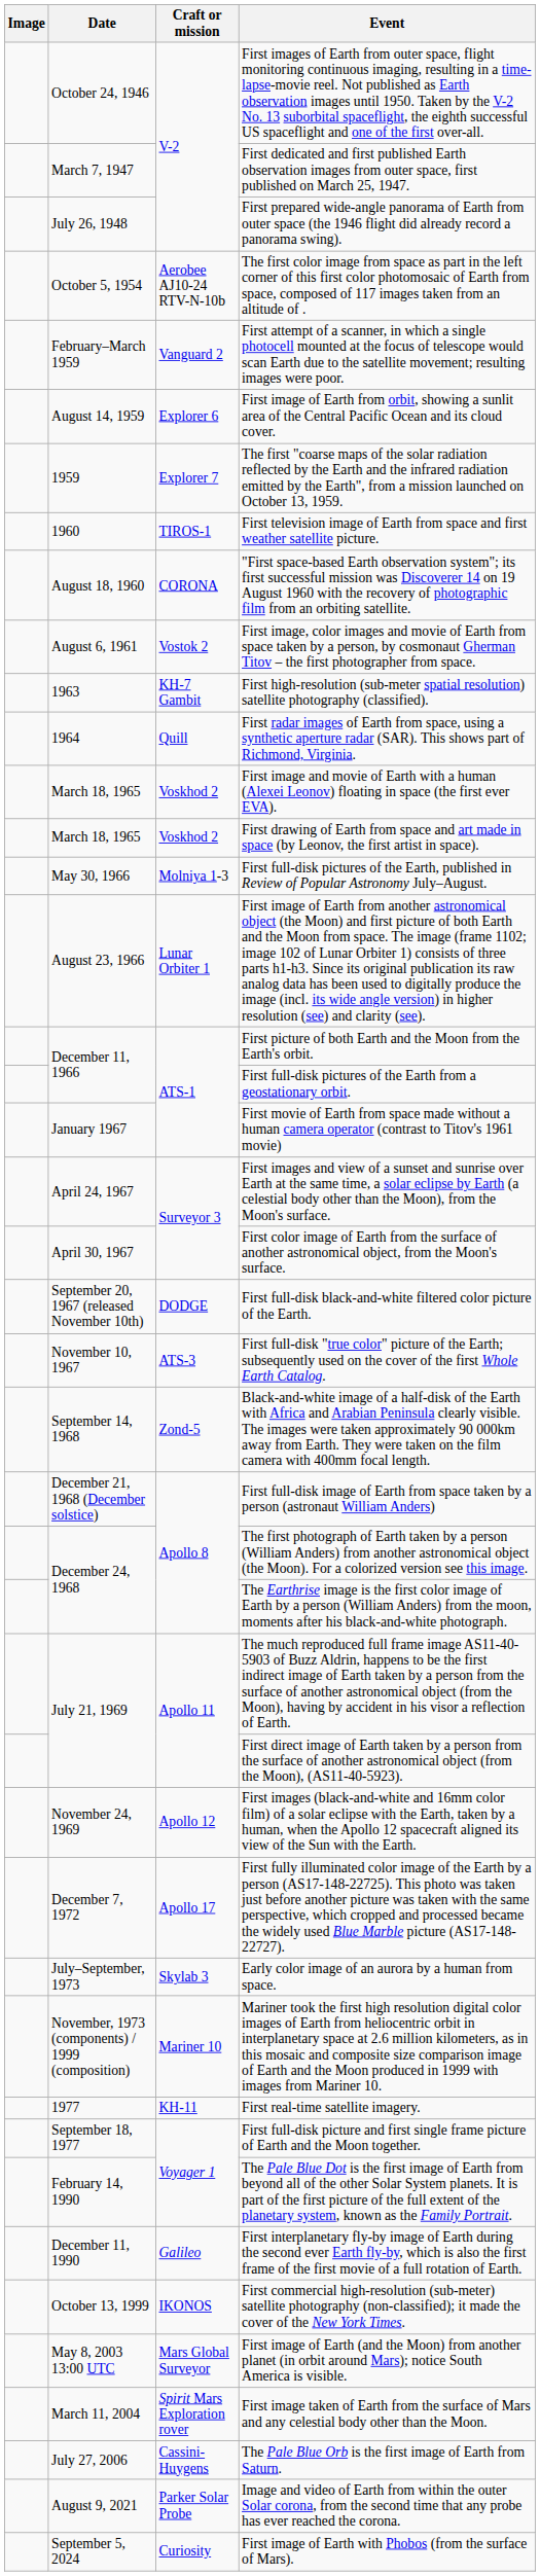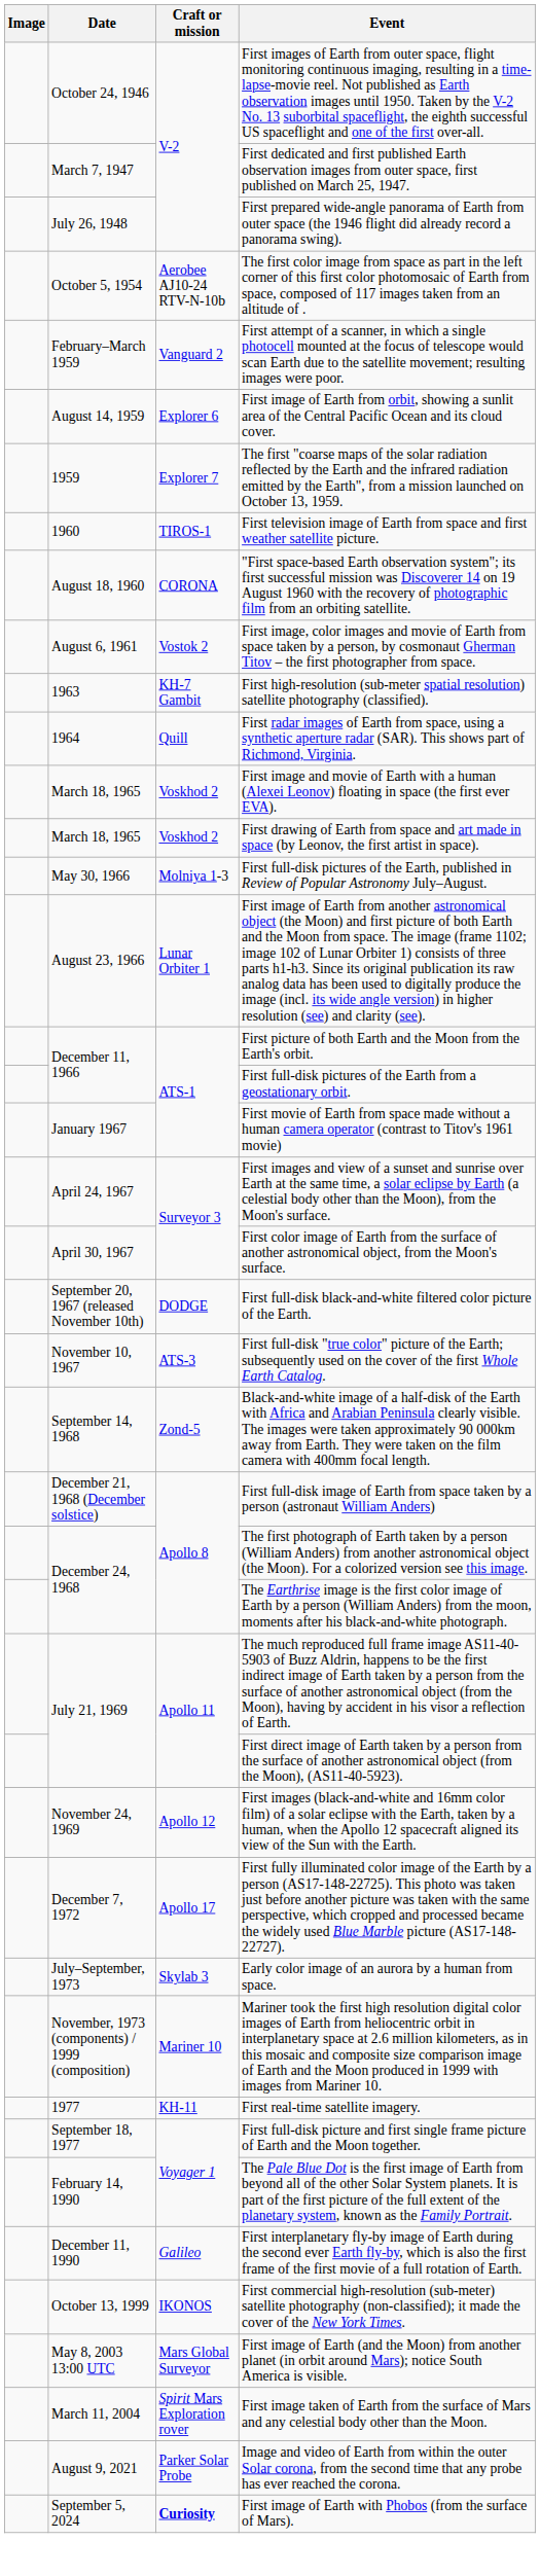 <table class="wikitable sticky-header">
 <tr>
 <th>Image</th>
 <th>Date</th>
 <th>Craft or mission</th>
 <th>Event</th>
 </tr>
 <tr>
 <td><br><br> </td>
 <td>October 24, 1946</td>
 <td rowspan="3"><a href='#'>V-2</a></td>
 <td>First images of Earth from outer space, flight monitoring continuous imaging, resulting in a <a href='#'>time-lapse</a>-movie reel. Not published as <a href='#'>Earth observation</a> images until 1950. Taken by the <a href='#'>V-2 No. 13</a> <a href='#'>suborbital spaceflight</a>, the eighth successful US spaceflight and <a href='#'>one of the first</a> over-all.</td>
 </tr>
 <tr>
 <td></td>
 <td>March 7, 1947</td>
 <td>First dedicated and first published Earth observation images from outer space, first published on March 25, 1947.</td>
 </tr>
 <tr>
 <td></td>
 <td>July 26, 1948</td>
 <td>First prepared wide-angle panorama of Earth from outer space (the 1946 flight did already record a panorama swing).</td>
 </tr>
 <tr>
 <td></td>
 <td>October 5, 1954</td>
 <td><a href='#'>Aerobee</a> AJ10-24<br>RTV-N-10b</td>
 <td>The first color image from space as part in the left corner of this first color photomosaic of Earth from space, composed of 117 images taken from an altitude of .</td>
 </tr>
 <tr>
 <td></td>
 <td>February–March 1959</td>
 <td><a href='#'>Vanguard 2</a></td>
 <td>First attempt of a scanner, in which a single <a href='#'>photocell</a> mounted at the focus of telescope would scan Earth due to the satellite movement; resulting images were poor.</td>
 </tr>
 <tr>
 <td></td>
 <td>August 14, 1959</td>
 <td><a href='#'>Explorer 6</a></td>
 <td>First image of Earth from <a href='#'>orbit</a>, showing a sunlit area of the Central Pacific Ocean and its cloud cover.</td>
 </tr>
 <tr>
 <td></td>
 <td>1959</td>
 <td><a href='#'>Explorer 7</a></td>
 <td>The first "coarse maps of the solar radiation reflected by the Earth and the infrared radiation emitted by the Earth", from a mission launched on October 13, 1959.</td>
 </tr>
 <tr>
 <td></td>
 <td>1960</td>
 <td><a href='#'>TIROS-1</a></td>
 <td>First television image of Earth from space and first <a href='#'>weather satellite</a> picture.</td>
 </tr>
 <tr>
 <td></td>
 <td>August 18, 1960</td>
 <td><a href='#'>CORONA</a></td>
 <td>"First space-based Earth observation system"; its first successful mission was <a href='#'>Discoverer 14</a> on 19 August 1960 with the recovery of <a href='#'>photographic film</a> from an orbiting satellite.</td>
 </tr>
 <tr>
 <td></td>
 <td>August 6, 1961</td>
 <td><a href='#'>Vostok 2</a></td>
 <td>First image, color images and movie of Earth from space taken by a person, by cosmonaut <a href='#'>Gherman Titov</a> – the first photographer from space.</td>
 </tr>
 <tr>
 <td></td>
 <td>1963</td>
 <td><a href='#'>KH-7 Gambit</a></td>
 <td>First high-resolution (sub-meter <a href='#'>spatial resolution</a>) satellite photography (classified).</td>
 </tr>
 <tr>
 <td></td>
 <td>1964</td>
 <td><a href='#'>Quill</a></td>
 <td>First <a href='#'>radar images</a> of Earth from space, using a <a href='#'>synthetic aperture radar</a> (SAR). This shows part of <a href='#'>Richmond, Virginia</a>.</td>
 </tr>
 <tr>
 <td></td>
 <td>March 18, 1965</td>
 <td><a href='#'>Voskhod 2</a></td>
 <td>First image and movie of Earth with a human (<a href='#'>Alexei Leonov</a>) floating in space (the first ever <a href='#'>EVA</a>).</td>
 </tr>
 <tr>
 <td></td>
 <td>March 18, 1965</td>
 <td><a href='#'>Voskhod 2</a></td>
 <td>First drawing of Earth from space and <a href='#'>art made in space</a> (by Leonov, the first artist in space).</td>
 </tr>
 <tr>
 <td></td>
 <td>May 30, 1966</td>
 <td><a href='#'>Molniya 1</a>-3</td>
 <td>First full-disk pictures of the Earth, published in <em>Review of Popular Astronomy</em> July–August.</td>
 </tr>
 <tr>
 <td></td>
 <td>August 23, 1966</td>
 <td><a href='#'>Lunar Orbiter 1</a></td>
 <td>First image of Earth from another <a href='#'>astronomical object</a> (the Moon) and first picture of both Earth and the Moon from space. The image (frame 1102; image 102 of Lunar Orbiter 1) consists of three parts h1-h3. Since its original publication its raw analog data has been used to digitally produce the image (incl. <a href='#'>its wide angle version</a>) in higher resolution (<a href='#'>see</a>) and clarity (<a href='#'>see</a>).</td>
 </tr>
 <tr>
 <td></td>
 <td rowspan="2">December 11, 1966</td>
 <td rowspan="3"><a href='#'>ATS-1</a></td>
 <td>First picture of both Earth and the Moon from the Earth's orbit.</td>
 </tr>
 <tr>
 <td></td>
 <td>First full-disk pictures of the Earth from a <a href='#'>geostationary orbit</a>.</td>
 </tr>
 <tr>
 <td></td>
 <td>January 1967</td>
 <td>First movie of Earth from space made without a human <a href='#'>camera operator</a> (contrast to Titov's 1961 movie)</td>
 </tr>
 <tr>
 <td></td>
 <td>April 24, 1967</td>
 <td rowspan="2"><a href='#'>Surveyor 3</a></td>
 <td>First images and view of a sunset and sunrise over Earth at the same time, a <a href='#'>solar eclipse by Earth</a> (a celestial body other than the Moon), from the Moon's surface.</td>
 </tr>
 <tr>
 <td></td>
 <td>April 30, 1967</td>
 <td>First color image of Earth from the surface of another astronomical object, from the Moon's surface.</td>
 </tr>
 <tr>
 <td></td>
 <td>September 20, 1967 (released November 10th)</td>
 <td><a href='#'>DODGE</a></td>
 <td>First full-disk black-and-white filtered color picture of the Earth.</td>
 </tr>
 <tr>
 <td></td>
 <td>November 10, 1967</td>
 <td><a href='#'>ATS-3</a></td>
 <td>First full-disk "<a href='#'>true color</a>" picture of the Earth; subsequently used on the cover of the first <em><a href='#'>Whole Earth Catalog</a></em>.</td>
 </tr>
 <tr>
 <td></td>
 <td>September 14, 1968</td>
 <td><a href='#'>Zond-5</a></td>
 <td>Black-and-white image of a half-disk of the Earth with <a href='#'>Africa</a> and <a href='#'>Arabian Peninsula</a> clearly visible. The images were taken approximately 90 000km away from Earth. They were taken on the film camera with 400mm focal length.</td>
 </tr>
 <tr>
 <td></td>
 <td>December 21, 1968 (<a href='#'>December solstice</a>)</td>
 <td rowspan="3"><a href='#'>Apollo 8</a></td>
 <td>First full-disk image of Earth from space taken by a person (astronaut <a href='#'>William Anders</a>)</td>
 </tr>
 <tr>
 <td></td>
 <td rowspan="2">December 24, 1968</td>
 <td>The first photograph of Earth taken by a person (William Anders) from another astronomical object (the Moon).  For a colorized version see <a href='#'>this image</a>.</td>
 </tr>
 <tr>
 <td></td>
 <td>The <em><a href='#'>Earthrise</a></em> image is the first color image of Earth by a person (William Anders) from the moon, moments after his black-and-white photograph.</td>
 </tr>
 <tr>
 <td></td>
 <td rowspan="2">July 21, 1969</td>
 <td rowspan="2"><a href='#'>Apollo 11</a></td>
 <td>The much reproduced full frame image AS11-40-5903 of Buzz Aldrin,  happens to be the first indirect image of Earth taken by a person from the surface of another astronomical object (from the Moon), having by accident in his visor a reflection of Earth.</td>
 </tr>
 <tr>
 <td></td>
 <td>First direct image of Earth taken by a person from the surface of another astronomical object (from the Moon), (AS11-40-5923).</td>
 </tr>
 <tr>
 <td></td>
 <td>November 24, 1969</td>
 <td><a href='#'>Apollo 12</a></td>
 <td>First images (black-and-white and 16mm color film) of a solar eclipse with the Earth, taken by a human, when the Apollo 12 spacecraft aligned its view of the Sun with the Earth.</td>
 </tr>
 <tr>
 <td></td>
 <td>December 7, 1972</td>
 <td><a href='#'>Apollo 17</a></td>
 <td>First fully illuminated color image of the Earth by a person (AS17-148-22725). This photo was taken just before another picture was taken with the same perspective, which cropped and processed became the widely used <em><a href='#'>Blue Marble</a></em> picture (AS17-148-22727).</td>
 </tr>
 <tr>
 <td></td>
 <td>July–September, 1973</td>
 <td><a href='#'>Skylab 3</a></td>
 <td>Early color image of an aurora by a human from space.</td>
 </tr>
 <tr>
 <td></td>
 <td>November, 1973 (components) / 1999 (composition)</td>
 <td><a href='#'>Mariner 10</a></td>
 <td>Mariner took the first high resolution digital color images of Earth from heliocentric orbit in interplanetary space at 2.6 million kilometers, as in this mosaic and composite size comparison image of Earth and the Moon produced in 1999 with images from Mariner 10.</td>
 </tr>
 <tr>
 <td></td>
 <td>1977</td>
 <td><a href='#'>KH-11</a></td>
 <td>First real-time satellite imagery.</td>
 </tr>
 <tr>
 <td></td>
 <td>September 18, 1977</td>
 <td rowspan="2"><em><a href='#'>Voyager 1</a></em></td>
 <td>First full-disk picture and first single frame picture of Earth and the Moon together.</td>
 </tr>
 <tr>
 <td></td>
 <td>February 14, 1990</td>
 <td>The <em><a href='#'>Pale Blue Dot</a></em> is the first image of Earth from beyond all of the other Solar System planets. It is part of the first picture of the full extent of the <a href='#'>planetary system</a>, known as the <em><a href='#'>Family Portrait</a></em>.</td>
 </tr>
 <tr>
 <td><br></td>
 <td>December 11, 1990</td>
 <td><em><a href='#'>Galileo</a></em></td>
 <td>First interplanetary fly-by image of Earth during the second ever <a href='#'>Earth fly-by</a>, which is also the first frame of the first movie of a full rotation of Earth.</td>
 </tr>
 <tr>
 <td></td>
 <td>October 13, 1999</td>
 <td><a href='#'>IKONOS</a></td>
 <td>First commercial high-resolution (sub-meter) satellite photography (non-classified); it made the cover of the <em><a href='#'>New York Times</a></em>.</td>
 </tr>
 <tr>
 <td></td>
 <td>May 8, 2003 13:00 <a href='#'>UTC</a></td>
 <td><a href='#'>Mars Global Surveyor</a></td>
 <td>First image of Earth (and the Moon) from another planet (in orbit around <a href='#'>Mars</a>); notice South America is visible.</td>
 </tr>
 <tr>
 <td></td>
 <td>March 11, 2004</td>
 <td><a href='#'><em>Spirit</em> Mars Exploration rover</a></td>
 <td>First image taken of Earth from the surface of Mars and any celestial body other than the Moon.</td>
 </tr>
 <tr>
-<td></td>
-<td>July 27, 2006</td>
-<td><a href='#'>Cassini-Huygens</a></td>
-<td>The <em><a href='#'>Pale Blue Orb</a></em> is the first image of Earth from <a href='#'>Saturn</a>.</td>
-</tr>
-<tr>
 <td><br></td>
 <td>August 9, 2021</td>
 <td><a href='#'>Parker Solar Probe</a></td>
 <td>Image and video of Earth from within the outer <a href='#'>Solar corona</a>, from the second time that any probe has ever reached the corona.</td>
 </tr>
 <tr>
 <td></td>
 <td>September 5, 2024</td>
-<td><a href='#'>Curiosity</a></td>
+<td><strong><a href='#'>Curiosity</a></strong></td>
 <td>First image of Earth with <a href='#'>Phobos</a> (from the surface of Mars).</td>
 </tr>
 </table>
